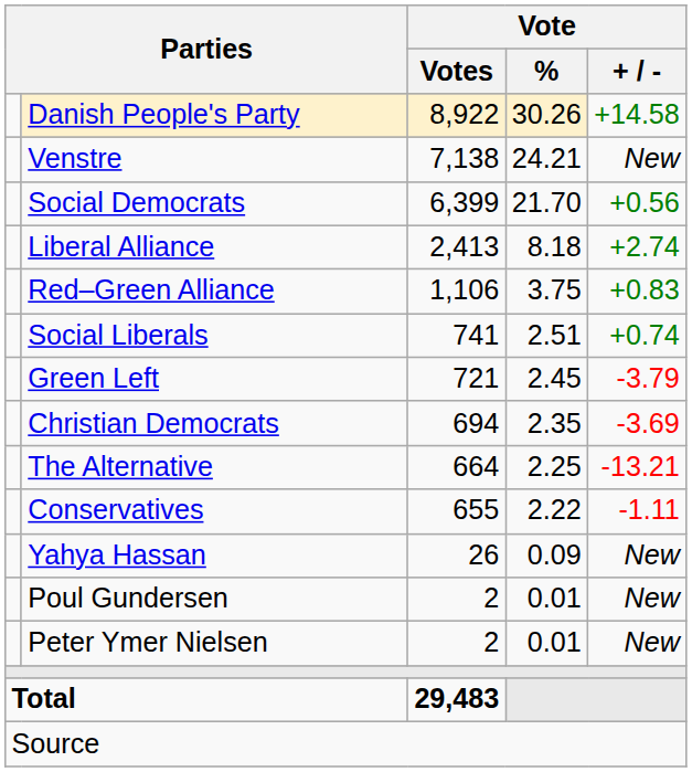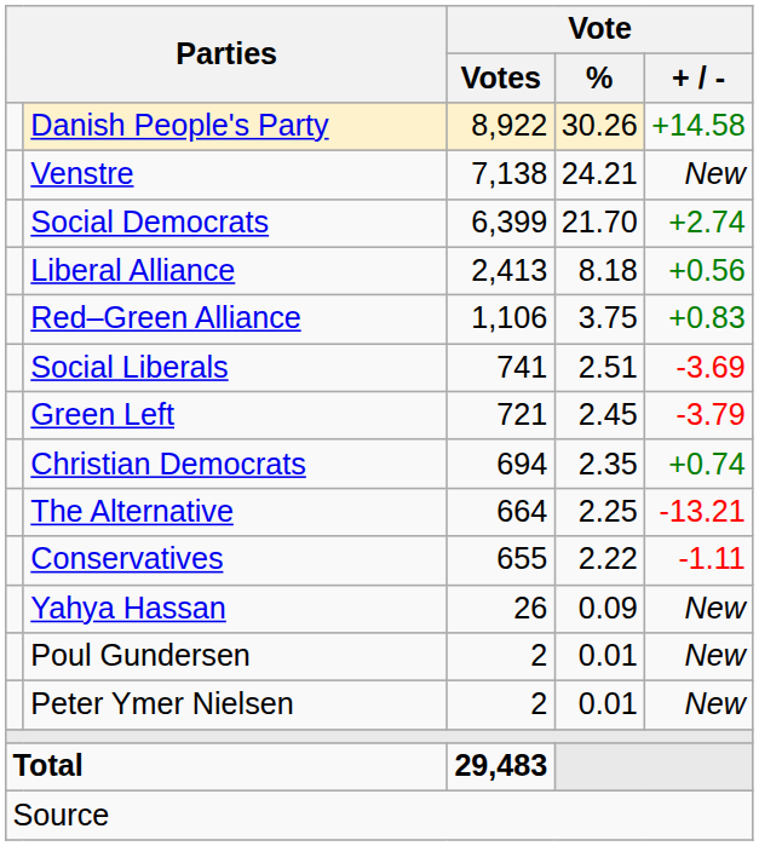 <table class="wikitable" style="text-align:right;">
 <tr>
 <th style="text-align:centre;" rowspan="2" colspan="2" width="225">Parties</th>
 <th colspan="3">Vote</th>
 </tr>
 <tr>
 <th width="15">Votes</th>
 <th width="15">%</th>
 <th width="15">+ / -</th>
 </tr>
 <tr>
 <td width="2" style="color:inherit;background:"></td>
 <td bgcolor=#fef2cc  align="left"><a href='#'>Danish People's Party</a></td>
 <td bgcolor=#fef2cc>8,922</td>
 <td bgcolor=#fef2cc>30.26</td>
 <td style=color:green;>+14.58</td>
 </tr>
 <tr>
 <td width="2" style="color:inherit;background:"></td>
 <td align="left"><a href='#'>Venstre</a></td>
 <td>7,138</td>
 <td>24.21</td>
 <td><em>New</em></td>
 </tr>
 <tr>
 <td width="2" style="color:inherit;background:"></td>
 <td align="left"><a href='#'>Social Democrats</a></td>
 <td>6,399</td>
 <td>21.70</td>
-<td style=color:green;>+0.56</td>
+<td style=color:green;>+2.74</td>
 </tr>
 <tr>
 <td width="2" style="color:inherit;background:"></td>
 <td align="left"><a href='#'>Liberal Alliance</a></td>
 <td>2,413</td>
 <td>8.18</td>
-<td style=color:green;>+2.74</td>
+<td style=color:green;>+0.56</td>
 </tr>
 <tr>
 <td width="2" style="color:inherit;background:"></td>
 <td align="left"><a href='#'>Red–Green Alliance</a></td>
 <td>1,106</td>
 <td>3.75</td>
 <td style=color:green;>+0.83</td>
 </tr>
 <tr>
 <td width="2" style="color:inherit;background:"></td>
 <td align="left"><a href='#'>Social Liberals</a></td>
 <td>741</td>
 <td>2.51</td>
-<td style=color:green;>+0.74</td>
+<td style=color:red;>-3.69</td>
 </tr>
 <tr>
 <td width="2" style="color:inherit;background:"></td>
 <td align="left"><a href='#'>Green Left</a></td>
 <td>721</td>
 <td>2.45</td>
 <td style=color:red;>-3.79</td>
 </tr>
 <tr>
 <td width="2" style="color:inherit;background:"></td>
 <td align="left"><a href='#'>Christian Democrats</a></td>
 <td>694</td>
 <td>2.35</td>
-<td style=color:red;>-3.69</td>
+<td style=color:green;>+0.74</td>
 </tr>
 <tr>
 <td width="2" style="color:inherit;background:"></td>
 <td align="left"><a href='#'>The Alternative</a></td>
 <td>664</td>
 <td>2.25</td>
 <td style=color:red;>-13.21</td>
 </tr>
 <tr>
 <td width="2" style="color:inherit;background:"></td>
 <td align="left"><a href='#'>Conservatives</a></td>
 <td>655</td>
 <td>2.22</td>
 <td style=color:red;>-1.11</td>
 </tr>
 <tr>
 <td width="2" style="color:inherit;background:"></td>
 <td align="left"><a href='#'>Yahya Hassan</a></td>
 <td>26</td>
 <td>0.09</td>
 <td><em>New</em></td>
 </tr>
 <tr>
 <td width="2" style="color:inherit;background:"></td>
 <td align="left">Poul Gundersen</td>
 <td>2</td>
 <td>0.01</td>
 <td><em>New</em></td>
 </tr>
 <tr>
 <td width="2" style="color:inherit;background:"></td>
 <td align="left">Peter Ymer Nielsen</td>
 <td>2</td>
 <td>0.01</td>
 <td><em>New</em></td>
 </tr>
 <tr>
 <td colspan="7" bgcolor="#E9E9E9"></td>
 </tr>
 <tr>
 <td align="left" colspan="2"><strong>Total</strong></td>
 <td><strong>29,483</strong></td>
 <td bgcolor="#E9E9E9" colspan="2"></td>
 </tr>
 <tr>
 <td align="left" colspan="6">Source</td>
 </tr>
 </table>
